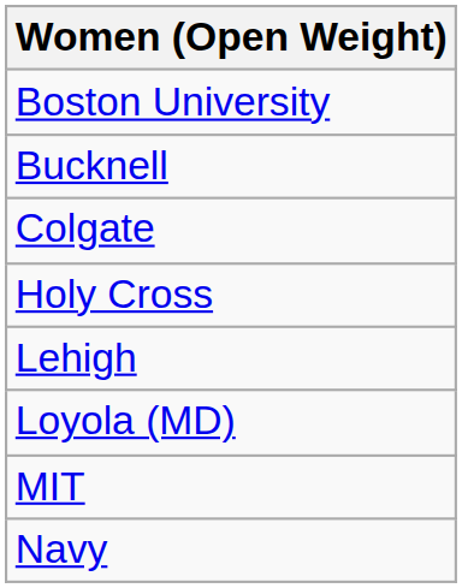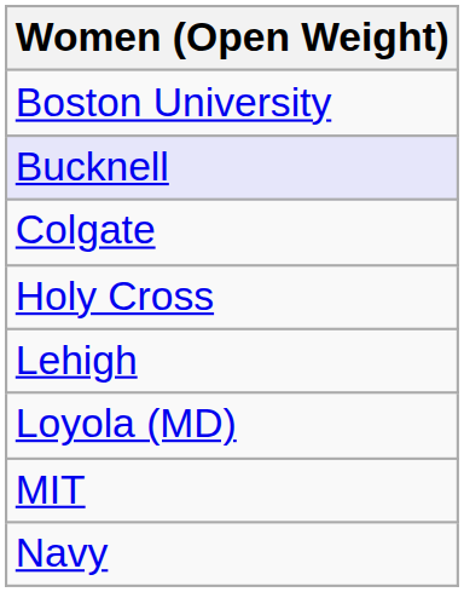 <table class="wikitable">
 <tr>
 <th>Women (Open Weight)</th>
 </tr>
 <tr>
 <td><a href='#'>Boston University</a></td>
 </tr>
 <tr>
-<td><a href='#'>Bucknell</a></td>
+<td style="background: lavender;"><a href='#'>Bucknell</a></td>
 </tr>
 <tr>
 <td><a href='#'>Colgate</a></td>
 </tr>
 <tr>
 <td><a href='#'>Holy Cross</a></td>
 </tr>
 <tr>
 <td><a href='#'>Lehigh</a></td>
 </tr>
 <tr>
 <td><a href='#'>Loyola (MD)</a></td>
 </tr>
 <tr>
 <td><a href='#'>MIT</a></td>
 </tr>
 <tr>
 <td><a href='#'>Navy</a></td>
 </tr>
 </table>
